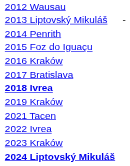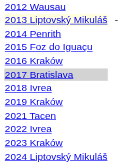 <table>
 <tr>
 <td><a href='#'>2012 Wausau</a></td>
 <td></td>
 <td></td>
 <td></td>
 </tr>
 <tr>
-<td><a href='#'>2013 Liptovský Mikuláš</a></td>
+<td style="background: lightyellow;"><a href='#'>2013 Liptovský Mikuláš</a></td>
 <td></td>
 <td><br></td>
 <td>-</td>
 </tr>
 <tr>
 <td><a href='#'>2014 Penrith</a></td>
 <td></td>
 <td></td>
 <td></td>
 </tr>
 <tr>
 <td><a href='#'>2015 Foz do Iguaçu</a></td>
 <td></td>
 <td></td>
 <td></td>
 </tr>
 <tr>
 <td><a href='#'>2016 Kraków</a></td>
 <td></td>
 <td></td>
 <td></td>
 </tr>
 <tr>
-<td><a href='#'>2017 Bratislava</a></td>
+<td style="background: lightgrey;"><a href='#'>2017 Bratislava</a></td>
 <td></td>
 <td></td>
 <td></td>
 </tr>
 <tr>
-<td><strong><a href='#'>2018 Ivrea</a></strong></td>
+<td><a href='#'>2018 Ivrea</a></td>
 <td></td>
 <td></td>
 <td></td>
 </tr>
 <tr>
 <td><a href='#'>2019 Kraków</a></td>
 <td></td>
 <td></td>
 <td></td>
 </tr>
 <tr>
 <td><a href='#'>2021 Tacen</a></td>
 <td></td>
 <td></td>
 <td></td>
 </tr>
 <tr>
 <td><a href='#'>2022 Ivrea</a></td>
 <td></td>
 <td></td>
 <td></td>
 </tr>
 <tr>
 <td><a href='#'>2023 Kraków</a></td>
 <td></td>
 <td></td>
 <td></td>
 </tr>
 <tr>
-<td><strong><a href='#'>2024 Liptovský Mikuláš</a></strong></td>
+<td><a href='#'>2024 Liptovský Mikuláš</a></td>
 <td></td>
 <td></td>
 <td></td>
 </tr>
 </table>
